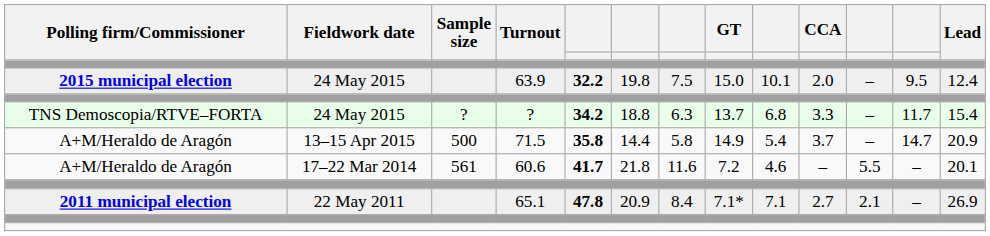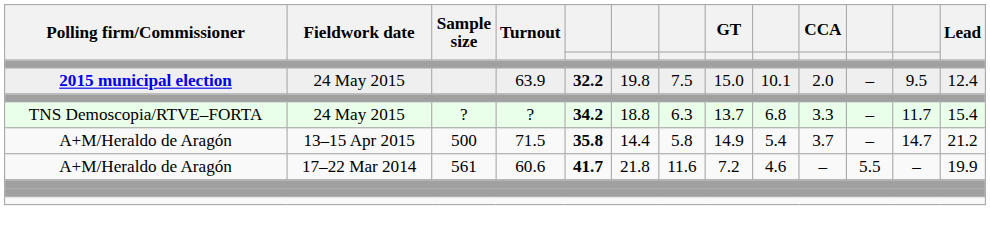 <table class="wikitable collapsible collapsed" style="text-align:center; font-size:95%; line-height:16px;">
 <tr style="height:42px;">
 <th style="width:250px;" rowspan="2">Polling firm/Commissioner</th>
 <th style="width:125px;" rowspan="2">Fieldwork date</th>
 <th style="width:50px;" rowspan="2">Sample size</th>
 <th style="width:45px;" rowspan="2">Turnout</th>
 <th style="width:35px;"></th>
 <th style="width:35px;"></th>
 <th style="width:35px;"></th>
 <th style="width:35px;">GT</th>
 <th style="width:35px;"></th>
 <th style="width:35px;">CCA</th>
 <th style="width:35px;"></th>
 <th style="width:35px;"></th>
 <th style="width:30px;" rowspan="2">Lead</th>
 </tr>
 <tr>
 <th style="color:inherit;background:"></th>
 <th style="color:inherit;background:"></th>
 <th style="color:inherit;background:"></th>
 <th style="color:inherit;background:"></th>
 <th style="color:inherit;background:"></th>
 <th style="color:inherit;background:"></th>
 <th style="color:inherit;background:"></th>
 <th style="color:inherit;background:"></th>
 </tr>
 <tr>
 <td colspan="13" style="background:#A0A0A0"></td>
 </tr>
 <tr style="background:#EFEFEF;">
 <td><strong><a href='#'>2015 municipal election</a></strong></td>
 <td>24 May 2015</td>
 <td></td>
 <td>63.9</td>
 <td><strong>32.2</strong><br></td>
 <td>19.8<br></td>
 <td>7.5<br></td>
 <td>15.0<br></td>
 <td>10.1<br></td>
 <td>2.0<br></td>
 <td>–</td>
 <td>9.5<br></td>
 <td style="background:">12.4</td>
 </tr>
 <tr>
 <td colspan="13" style="background:#A0A0A0"></td>
 </tr>
 <tr style="background:#EAFFEA;">
 <td>TNS Demoscopia/RTVE–FORTA</td>
 <td>24 May 2015</td>
 <td>?</td>
 <td>?</td>
 <td><strong>34.2</strong><br></td>
 <td>18.8<br></td>
 <td>6.3<br></td>
 <td>13.7<br></td>
 <td>6.8<br></td>
 <td>3.3<br></td>
 <td>–</td>
 <td>11.7<br></td>
 <td style="background:">15.4</td>
 </tr>
 <tr>
 <td>A+M/Heraldo de Aragón</td>
 <td>13–15 Apr 2015</td>
 <td>500</td>
 <td>71.5</td>
 <td><strong>35.8</strong><br></td>
 <td>14.4<br></td>
 <td>5.8<br></td>
 <td>14.9<br></td>
 <td>5.4<br></td>
 <td>3.7<br></td>
 <td>–</td>
 <td>14.7<br></td>
-<td style="background:">20.9</td>
+<td style="background:">21.2</td>
 </tr>
 <tr>
 <td>A+M/Heraldo de Aragón</td>
 <td>17–22 Mar 2014</td>
 <td>561</td>
 <td>60.6</td>
 <td><strong>41.7</strong><br></td>
 <td>21.8<br></td>
 <td>11.6<br></td>
 <td>7.2<br></td>
 <td>4.6<br></td>
 <td>–</td>
 <td>5.5<br></td>
 <td>–</td>
-<td style="background:">20.1</td>
+<td style="background:">19.9</td>
 </tr>
 <tr>
 <td colspan="13" style="background:#A0A0A0"></td>
-</tr>
-<tr style="background:#EFEFEF;">
-<td><strong><a href='#'>2011 municipal election</a></strong></td>
-<td>22 May 2011</td>
-<td></td>
-<td>65.1</td>
-<td><strong>47.8</strong><br></td>
-<td>20.9<br></td>
-<td>8.4<br></td>
-<td>7.1*<br></td>
-<td>7.1<br></td>
-<td>2.7<br></td>
-<td>2.1<br></td>
-<td>–</td>
-<td style="background:">26.9</td>
 </tr>
 <tr>
 <td colspan="13" style="background:#A0A0A0"></td>
 </tr>
 <tr>
 <td align="left" colspan="13"></td>
 </tr>
 </table>
